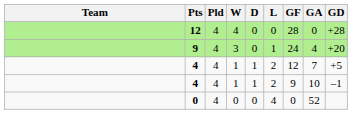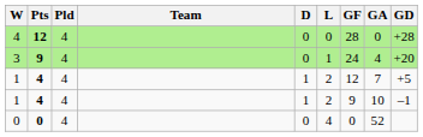 <table class="wikitable" style="text-align:center;">
 <tr>
-<th width=255>Team</th>
+<th width=20  abbr="Won">W</th>
 <th width=20  abbr="Points">Pts</th>
 <th width=20  abbr="Played">Pld</th>
-<th width=20  abbr="Won">W</th>
+<th width=255>Team</th>
 <th width=20  abbr="Drawn">D</th>
 <th width=20  abbr="Lost">L</th>
 <th width=20  abbr="Goals for">GF</th>
 <th width=20  abbr="Goals against">GA</th>
 <th width=20  abbr="Goal difference">GD</th>
 </tr>
 <tr style="background: #B0EE90;">
-<td align=left></td>
+<td>4</td>
 <td><strong>12</strong></td>
 <td>4</td>
-<td>4</td>
+<td align=left></td>
 <td>0</td>
 <td>0</td>
 <td>28</td>
 <td>0</td>
 <td>+28</td>
 </tr>
 <tr style="background: #B0EE90;">
-<td align=left></td>
+<td>3</td>
 <td><strong>9</strong></td>
 <td>4</td>
-<td>3</td>
+<td align=left></td>
 <td>0</td>
 <td>1</td>
 <td>24</td>
 <td>4</td>
 <td>+20</td>
 </tr>
 <tr>
-<td align=left></td>
+<td>1</td>
 <td><strong>4</strong></td>
 <td>4</td>
-<td>1</td>
+<td align=left></td>
 <td>1</td>
 <td>2</td>
 <td>12</td>
 <td>7</td>
 <td>+5</td>
 </tr>
 <tr>
-<td align=left></td>
+<td>1</td>
 <td><strong>4</strong></td>
 <td>4</td>
-<td>1</td>
+<td align=left></td>
 <td>1</td>
 <td>2</td>
 <td>9</td>
 <td>10</td>
 <td>–1</td>
 </tr>
 <tr>
-<td align=left></td>
+<td>0</td>
 <td><strong>0</strong></td>
 <td>4</td>
-<td>0</td>
+<td align=left></td>
 <td>0</td>
 <td>4</td>
 <td>0</td>
 <td>52</td>
 <td></td>
 </tr>
 </table>
